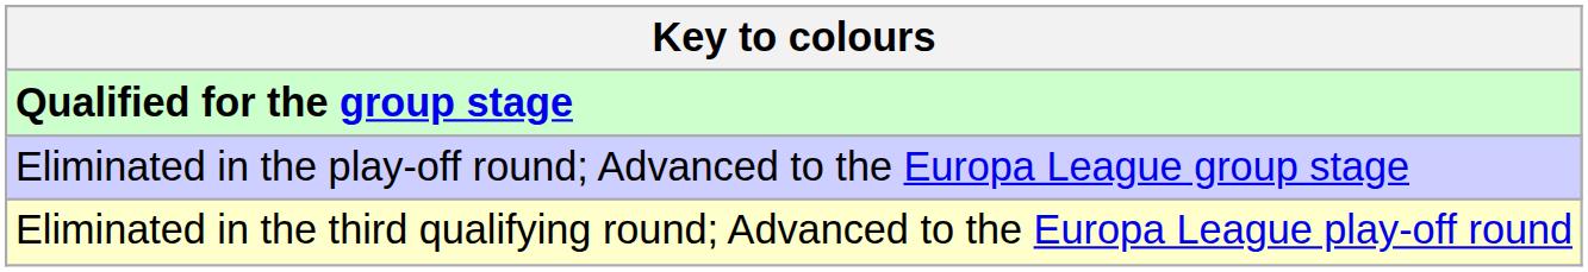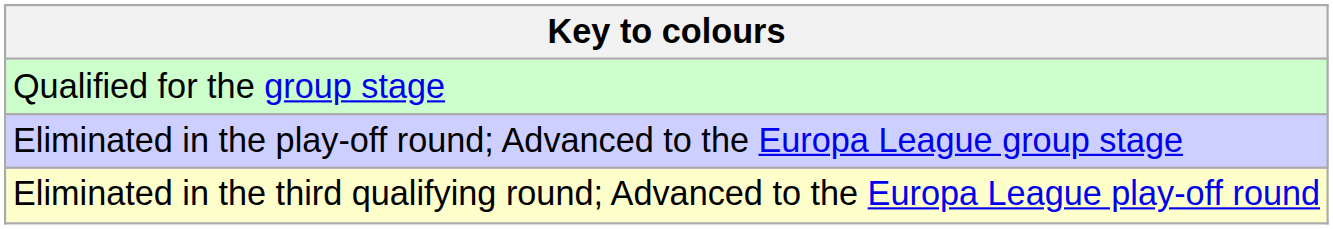 <table class="wikitable">
 <tr>
 <th>Key to colours</th>
 </tr>
 <tr bgcolor=#ccffcc>
-<td><strong>Qualified for the <a href='#'>group stage</a></strong></td>
+<td>Qualified for the <a href='#'>group stage</a></td>
 </tr>
 <tr bgcolor=#cccfff>
 <td>Eliminated in the play-off round; Advanced to the <a href='#'>Europa League group stage</a></td>
 </tr>
 <tr bgcolor=#ffffcc>
 <td>Eliminated in the third qualifying round; Advanced to the <a href='#'>Europa League play-off round</a></td>
 </tr>
 </table>
